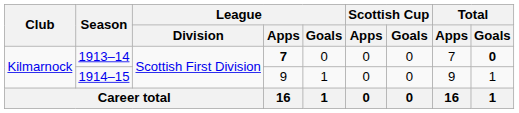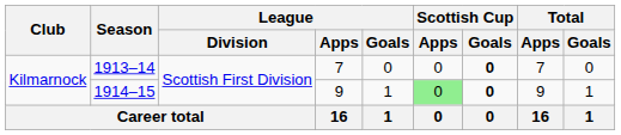 <table class="wikitable" style="text-align: center;">
 <tr>
 <th rowspan="2">Club</th>
 <th rowspan="2">Season</th>
 <th colspan="3">League</th>
 <th colspan="2">Scottish Cup</th>
 <th colspan="2">Total</th>
 </tr>
 <tr>
 <th>Division</th>
 <th>Apps</th>
 <th>Goals</th>
 <th>Apps</th>
 <th>Goals</th>
 <th>Apps</th>
 <th>Goals</th>
 </tr>
 <tr>
 <td rowspan="2"><a href='#'>Kilmarnock</a></td>
 <td><a href='#'>1913–14</a></td>
 <td rowspan="2"><a href='#'>Scottish First Division</a></td>
-<td><strong>7</strong></td>
+<td>7</td>
 <td>0</td>
 <td>0</td>
+<td><strong>0</strong></td>
+<td>7</td>
 <td>0</td>
-<td>7</td>
-<td><strong>0</strong></td>
 </tr>
 <tr>
 <td><a href='#'>1914–15</a></td>
 <td>9</td>
 <td>1</td>
-<td>0</td>
-<td>0</td>
+<td style="background: lightgreen;">0</td>
+<td><strong>0</strong></td>
 <td>9</td>
 <td>1</td>
 </tr>
 <tr>
 <th colspan="3">Career total</th>
 <th>16</th>
 <th>1</th>
 <th>0</th>
 <th>0</th>
 <th>16</th>
 <th>1</th>
 </tr>
 </table>
